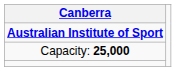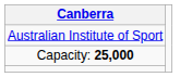 <table class="wikitable" style="text-align:center">
 <tr>
 <th><a href='#'>Canberra</a></th>
 <td rowspan=4></td>
 </tr>
 <tr>
-<td><strong><a href='#'>Australian Institute of Sport</a></strong></td>
+<td><a href='#'>Australian Institute of Sport</a></td>
 </tr>
 <tr>
 <td>Capacity: <strong>25,000</strong></td>
 </tr>
 <tr>
 <td></td>
 </tr>
 </table>
